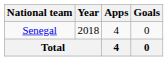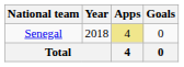 <table class="wikitable" style="text-align:center">
 <tr>
 <th>National team</th>
 <th>Year</th>
 <th>Apps</th>
 <th>Goals</th>
 </tr>
 <tr>
 <td><a href='#'>Senegal</a></td>
 <td>2018</td>
-<td>4</td>
+<td style="background: khaki;">4</td>
 <td>0</td>
 </tr>
 <tr>
 <th colspan="2">Total</th>
 <th>4</th>
 <th>0</th>
 </tr>
 </table>
